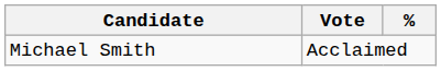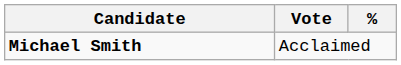 <table class="wikitable">
 <tr>
 <th bgcolor="#DDDDFF" width="200px">Candidate</th>
 <th bgcolor="#DDDDFF" width="50px">Vote</th>
 <th bgcolor="#DDDDFF" width="30px">%</th>
 </tr>
 <tr>
-<td>Michael Smith</td>
+<td><strong>Michael Smith</strong></td>
 <td colspan="2">Acclaimed</td>
 </tr>
 </table>
